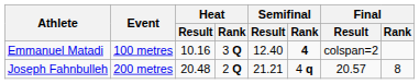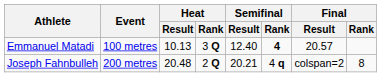 <table class="wikitable" style="font-size:90%">
 <tr>
 <th rowspan="2">Athlete</th>
 <th rowspan="2">Event</th>
 <th colspan="2">Heat</th>
 <th colspan="2">Semifinal</th>
 <th colspan="2">Final</th>
 </tr>
 <tr style="font-size:95%">
 <th>Result</th>
 <th>Rank</th>
 <th>Result</th>
 <th>Rank</th>
 <th>Result</th>
 <th>Rank</th>
 </tr>
 <tr align=center>
 <td align=left><a href='#'>Emmanuel Matadi</a></td>
 <td align=left><a href='#'>100 metres</a></td>
-<td>10.16</td>
+<td>10.13</td>
 <td>3 <strong>Q</strong></td>
 <td>12.40</td>
 <td><strong>4</strong></td>
-<td>colspan=2 </td>
+<td>20.57</td>
 </tr>
 <tr align=center>
 <td align=left><a href='#'>Joseph Fahnbulleh</a></td>
 <td align=left><a href='#'>200 metres</a></td>
 <td>20.48</td>
 <td>2 <strong>Q</strong></td>
-<td>21.21</td>
+<td>20.21</td>
 <td>4 <strong>q</strong></td>
-<td>20.57</td>
+<td>colspan=2 </td>
 <td>8</td>
 </tr>
 </table>
